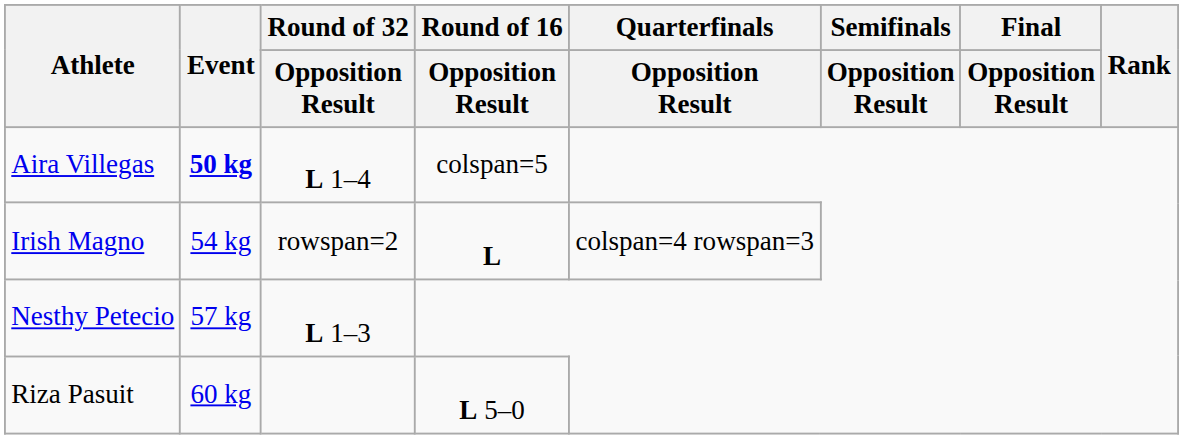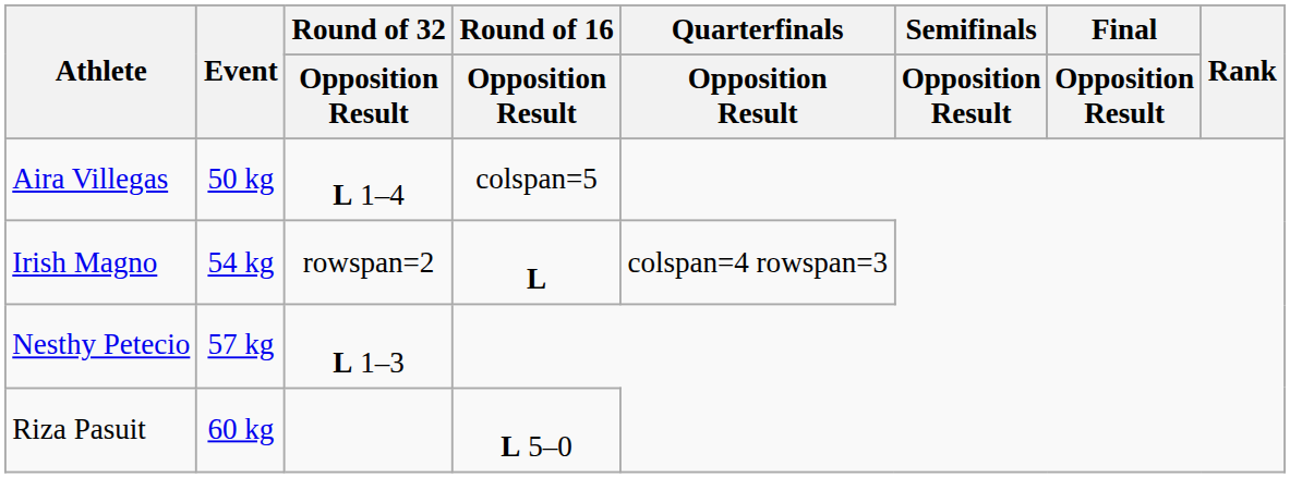 <table class=wikitable style="font-size:90%">
 <tr>
 <th rowspan=2>Athlete</th>
 <th rowspan=2>Event</th>
 <th>Round of 32</th>
 <th>Round of 16</th>
 <th>Quarterfinals</th>
 <th>Semifinals</th>
 <th>Final</th>
 <th rowspan=2>Rank</th>
 </tr>
 <tr>
 <th>Opposition<br>Result</th>
 <th>Opposition<br>Result</th>
 <th>Opposition<br>Result</th>
 <th>Opposition<br>Result</th>
 <th>Opposition<br>Result</th>
 </tr>
 <tr align=center>
 <td align=left><a href='#'>Aira Villegas</a></td>
-<td><strong><a href='#'>50 kg</a></strong></td>
+<td><a href='#'>50 kg</a></td>
 <td><br><strong>L</strong> 1–4</td>
 <td>colspan=5 </td>
 </tr>
 <tr align=center>
 <td align=left><a href='#'>Irish Magno</a></td>
 <td><a href='#'>54 kg</a></td>
 <td>rowspan=2 </td>
 <td><br><strong>L</strong> </td>
 <td>colspan=4 rowspan=3 </td>
 </tr>
 <tr align=center>
 <td align=left><a href='#'>Nesthy Petecio</a></td>
 <td><a href='#'>57 kg</a></td>
 <td><br><strong>L</strong> 1–3</td>
 </tr>
 <tr align=center>
 <td align=left>Riza Pasuit</td>
 <td><a href='#'>60 kg</a></td>
 <td></td>
 <td><br><strong>L</strong> 5–0</td>
 </tr>
 </table>
